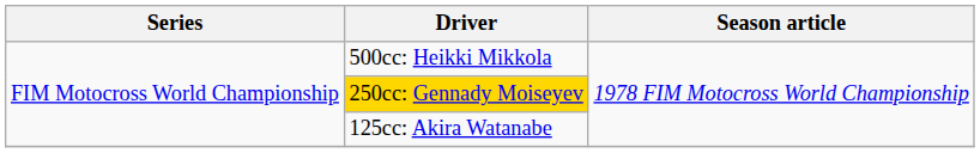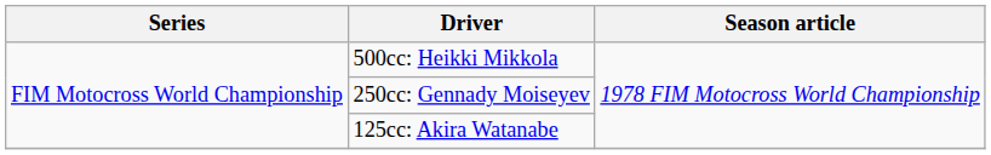 <table class="wikitable" style="font-size: 87%;">
 <tr>
 <th>Series</th>
 <th>Driver</th>
 <th>Season article</th>
 </tr>
 <tr>
 <td rowspan=3><a href='#'>FIM Motocross World Championship</a></td>
 <td>500cc:  <a href='#'>Heikki Mikkola</a></td>
 <td rowspan=3><em><a href='#'>1978 FIM Motocross World Championship</a></em></td>
 </tr>
 <tr>
-<td style="background: gold;">250cc:  <a href='#'>Gennady Moiseyev</a></td>
+<td>250cc:  <a href='#'>Gennady Moiseyev</a></td>
 </tr>
 <tr>
 <td>125cc:  <a href='#'>Akira Watanabe</a></td>
 </tr>
 <tr>
 </tr>
 </table>
